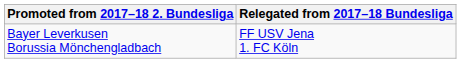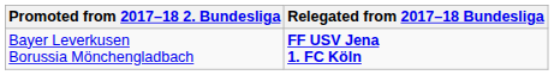 <table class="wikitable">
 <tr>
 <th>Promoted from <a href='#'>2017–18 2. Bundesliga</a></th>
 <th>Relegated from <a href='#'>2017–18 Bundesliga</a></th>
 </tr>
 <tr>
 <td><a href='#'>Bayer Leverkusen</a><br><a href='#'>Borussia Mönchengladbach</a></td>
-<td><a href='#'>FF USV Jena</a><br><a href='#'>1. FC Köln</a></td>
+<td><strong><a href='#'>FF USV Jena</a><br><a href='#'>1. FC Köln</a></strong></td>
 </tr>
 </table>
